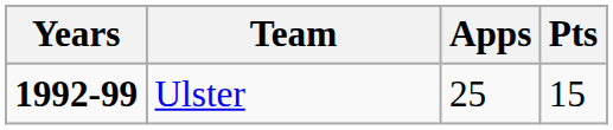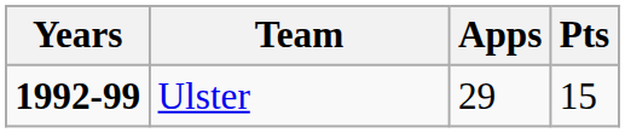 <table class="wikitable" style="text-align:left;">
 <tr>
 <th>Years</th>
 <th width=120px>Team</th>
 <th>Apps</th>
 <th>Pts</th>
 </tr>
 <tr>
 <td><strong>1992-99</strong></td>
 <td><a href='#'>Ulster</a></td>
-<td>25</td>
+<td>29</td>
 <td>15</td>
 </tr>
 </table>
